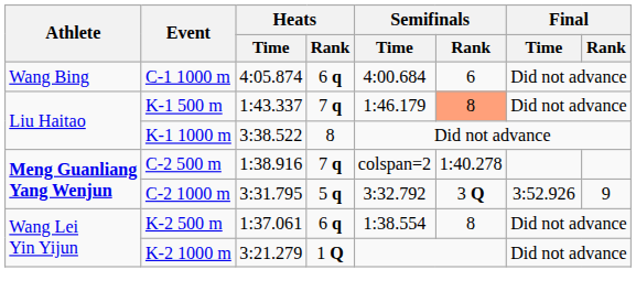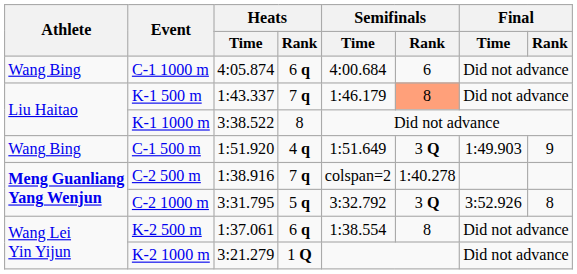 <table class="wikitable" style="font-size:90%">
 <tr>
 <th rowspan=2>Athlete</th>
 <th rowspan=2>Event</th>
 <th colspan=2>Heats</th>
 <th colspan=2>Semifinals</th>
 <th colspan=2>Final</th>
 </tr>
 <tr style="font-size:95%">
 <th>Time</th>
 <th>Rank</th>
 <th>Time</th>
 <th>Rank</th>
 <th>Time</th>
 <th>Rank</th>
 </tr>
 <tr align=center>
 <td align=left><a href='#'>Wang Bing</a></td>
 <td align=left><a href='#'>C-1 1000 m</a></td>
 <td>4:05.874</td>
 <td>6 <strong>q</strong></td>
 <td>4:00.684</td>
 <td>6</td>
 <td colspan=2>Did not advance</td>
 </tr>
 <tr align=center>
 <td style="text-align:left;" rowspan="2"><a href='#'>Liu Haitao</a></td>
 <td align=left><a href='#'>K-1 500 m</a></td>
 <td>1:43.337</td>
 <td>7 <strong>q</strong></td>
 <td>1:46.179</td>
 <td style="background: lightsalmon;">8</td>
 <td colspan=2>Did not advance</td>
 </tr>
 <tr align=center>
 <td align=left><a href='#'>K-1 1000 m</a></td>
 <td>3:38.522</td>
 <td>8</td>
 <td colspan=4>Did not advance</td>
 </tr>
 <tr align=center>
+<td align=left><a href='#'>Wang Bing</a></td>
+<td align=left><a href='#'>C-1 500 m</a></td>
+<td>1:51.920</td>
+<td>4 <strong>q</strong></td>
+<td>1:51.649</td>
+<td>3 <strong>Q</strong></td>
+<td>1:49.903</td>
+<td>9</td>
+</tr>
+<tr align=center>
 <td style="text-align:left;" rowspan="2"><strong><a href='#'>Meng Guanliang</a><br><a href='#'>Yang Wenjun</a></strong></td>
 <td align=left><a href='#'>C-2 500 m</a></td>
 <td>1:38.916</td>
 <td>7 <strong>q</strong></td>
 <td>colspan=2 </td>
 <td>1:40.278</td>
 <td></td>
 </tr>
 <tr align=center>
 <td align=left><a href='#'>C-2 1000 m</a></td>
 <td>3:31.795</td>
 <td>5 <strong>q</strong></td>
 <td>3:32.792</td>
 <td>3 <strong>Q</strong></td>
 <td>3:52.926</td>
-<td>9</td>
+<td>8</td>
 </tr>
 <tr align=center>
 <td style="text-align:left;" rowspan="2"><a href='#'>Wang Lei</a><br><a href='#'>Yin Yijun</a></td>
 <td align=left><a href='#'>K-2 500 m</a></td>
 <td>1:37.061</td>
 <td>6 <strong>q</strong></td>
 <td>1:38.554</td>
 <td>8</td>
 <td colspan=2>Did not advance</td>
 </tr>
 <tr align=center>
 <td align=left><a href='#'>K-2 1000 m</a></td>
 <td>3:21.279</td>
 <td>1 <strong>Q</strong></td>
 <td colspan=2></td>
 <td colspan=2>Did not advance</td>
 </tr>
 </table>
